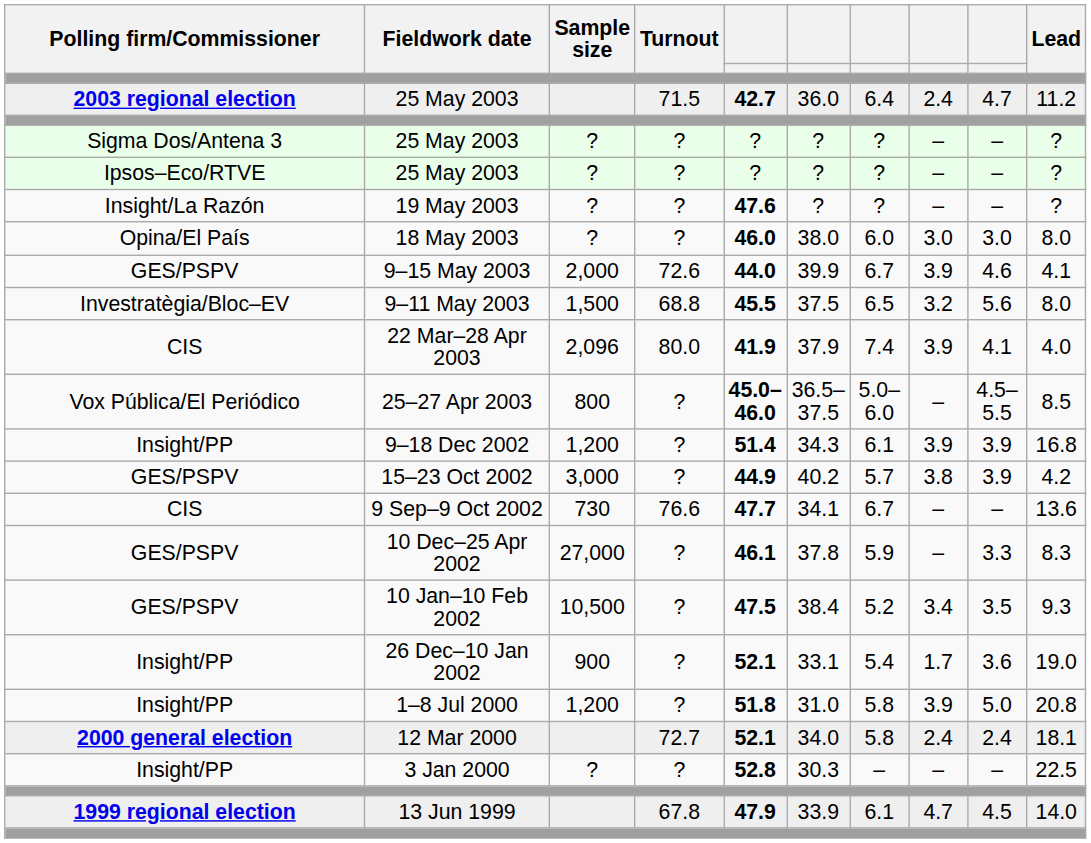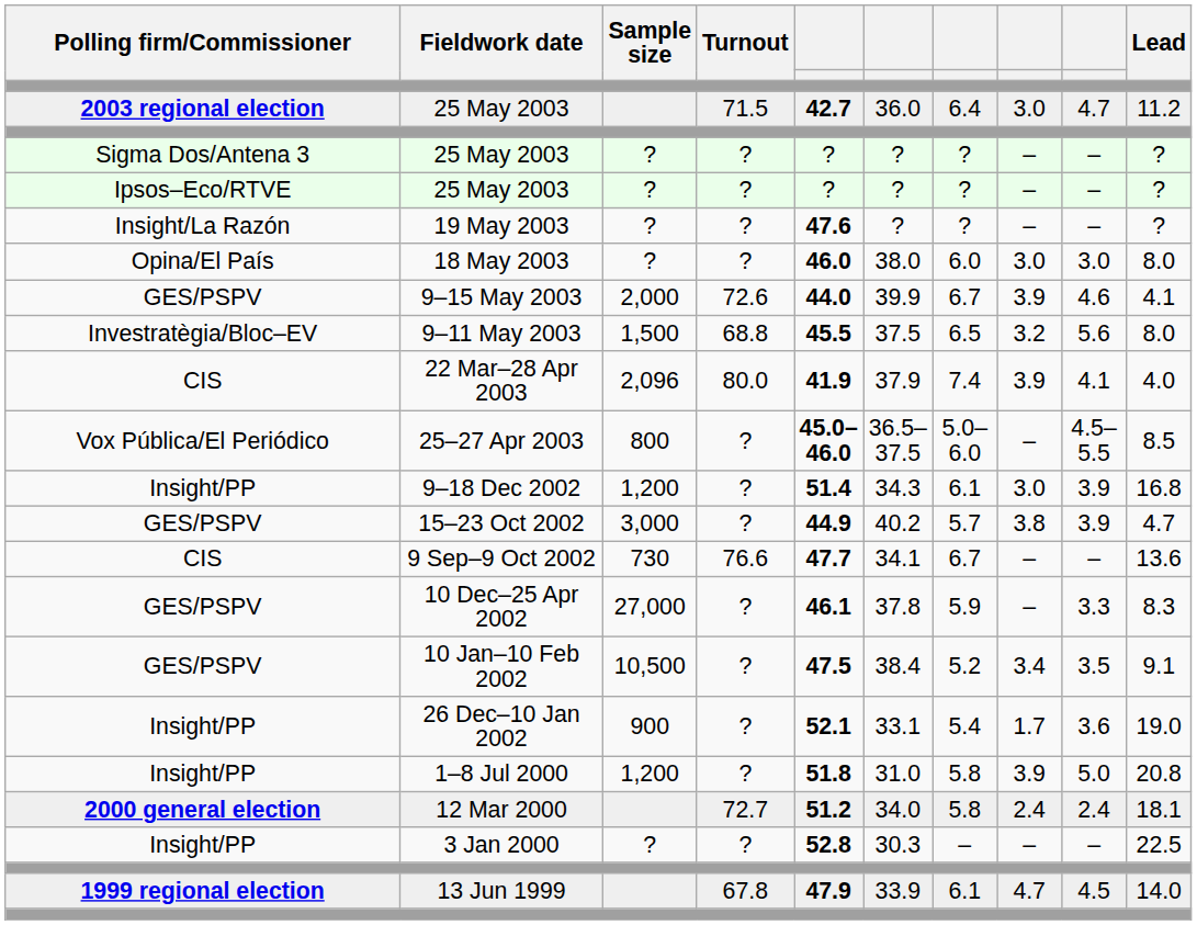 <table class="wikitable collapsible collapsed" style="text-align:center; font-size:95%; line-height:16px;">
 <tr style="height:42px;">
 <th style="width:250px;" rowspan="2">Polling firm/Commissioner</th>
 <th style="width:125px;" rowspan="2">Fieldwork date</th>
 <th style="width:50px;" rowspan="2">Sample size</th>
 <th style="width:45px;" rowspan="2">Turnout</th>
 <th style="width:35px;"></th>
 <th style="width:35px;"></th>
 <th style="width:35px;"></th>
 <th style="width:35px;"></th>
 <th style="width:35px;"></th>
 <th style="width:30px;" rowspan="2">Lead</th>
 </tr>
 <tr>
 <th style="color:inherit;background:"></th>
 <th style="color:inherit;background:"></th>
 <th style="color:inherit;background:"></th>
 <th style="color:inherit;background:"></th>
 <th style="color:inherit;background:"></th>
 </tr>
 <tr>
 <td colspan="10" style="background:#A0A0A0"></td>
 </tr>
 <tr style="background:#EFEFEF;">
 <td><strong><a href='#'>2003 regional election</a></strong></td>
 <td>25 May 2003</td>
 <td></td>
 <td>71.5</td>
 <td><strong>42.7</strong><br></td>
 <td>36.0<br></td>
 <td>6.4<br></td>
-<td>2.4<br></td>
+<td>3.0<br></td>
 <td>4.7<br></td>
 <td style="background:">11.2</td>
 </tr>
 <tr>
 <td colspan="10" style="background:#A0A0A0"></td>
 </tr>
 <tr style="background:#EAFFEA;">
 <td>Sigma Dos/Antena 3</td>
 <td>25 May 2003</td>
 <td>?</td>
 <td>?</td>
 <td>?<br></td>
 <td>?<br></td>
 <td>?<br></td>
 <td>–</td>
 <td>–</td>
 <td style="background:">?</td>
 </tr>
 <tr style="background:#EAFFEA;">
 <td>Ipsos–Eco/RTVE</td>
 <td>25 May 2003</td>
 <td>?</td>
 <td>?</td>
 <td>?<br></td>
 <td>?<br></td>
 <td>?<br></td>
 <td>–</td>
 <td>–</td>
 <td style="background:">?</td>
 </tr>
 <tr>
 <td>Insight/La Razón</td>
 <td>19 May 2003</td>
 <td>?</td>
 <td>?</td>
 <td><strong>47.6</strong><br></td>
 <td>?<br></td>
 <td>?<br></td>
 <td>–</td>
 <td>–</td>
 <td style="background:">?</td>
 </tr>
 <tr>
 <td>Opina/El País</td>
 <td>18 May 2003</td>
 <td>?</td>
 <td>?</td>
 <td><strong>46.0</strong><br></td>
 <td>38.0<br></td>
 <td>6.0<br></td>
 <td>3.0<br></td>
 <td>3.0<br></td>
 <td style="background:">8.0</td>
 </tr>
 <tr>
 <td>GES/PSPV</td>
 <td>9–15 May 2003</td>
 <td>2,000</td>
 <td>72.6</td>
 <td><strong>44.0</strong><br></td>
 <td>39.9<br></td>
 <td>6.7<br></td>
 <td>3.9<br></td>
 <td>4.6<br></td>
 <td style="background:">4.1</td>
 </tr>
 <tr>
 <td>Investratègia/Bloc–EV</td>
 <td>9–11 May 2003</td>
 <td>1,500</td>
 <td>68.8</td>
 <td><strong>45.5</strong><br></td>
 <td>37.5<br></td>
 <td>6.5<br></td>
 <td>3.2<br></td>
 <td>5.6<br></td>
 <td style="background:">8.0</td>
 </tr>
 <tr>
 <td>CIS</td>
 <td>22 Mar–28 Apr 2003</td>
 <td>2,096</td>
 <td>80.0</td>
 <td><strong>41.9</strong><br></td>
 <td>37.9<br></td>
 <td>7.4<br></td>
 <td>3.9<br></td>
 <td>4.1<br></td>
 <td style="background:">4.0</td>
 </tr>
 <tr>
 <td>Vox Pública/El Periódico</td>
 <td>25–27 Apr 2003</td>
 <td>800</td>
 <td>?</td>
 <td><strong>45.0–<br>46.0</strong><br></td>
 <td>36.5–<br>37.5<br></td>
 <td>5.0–<br>6.0<br></td>
 <td>–</td>
 <td>4.5–<br>5.5<br></td>
 <td style="background:">8.5</td>
 </tr>
 <tr>
 <td>Insight/PP</td>
 <td>9–18 Dec 2002</td>
 <td>1,200</td>
 <td>?</td>
 <td><strong>51.4</strong><br></td>
 <td>34.3<br></td>
 <td>6.1<br></td>
-<td>3.9<br></td>
+<td>3.0<br></td>
 <td>3.9<br></td>
 <td style="background:">16.8</td>
 </tr>
 <tr>
 <td>GES/PSPV</td>
 <td>15–23 Oct 2002</td>
 <td>3,000</td>
 <td>?</td>
 <td><strong>44.9</strong><br></td>
 <td>40.2<br></td>
 <td>5.7<br></td>
 <td>3.8<br></td>
 <td>3.9<br></td>
-<td style="background:">4.2</td>
+<td style="background:">4.7</td>
 </tr>
 <tr>
 <td>CIS</td>
 <td>9 Sep–9 Oct 2002</td>
 <td>730</td>
 <td>76.6</td>
 <td><strong>47.7</strong></td>
 <td>34.1</td>
 <td>6.7</td>
 <td>–</td>
 <td>–</td>
 <td style="background:">13.6</td>
 </tr>
 <tr>
 <td>GES/PSPV</td>
 <td>10 Dec–25 Apr 2002</td>
 <td>27,000</td>
 <td>?</td>
 <td><strong>46.1</strong><br></td>
 <td>37.8<br></td>
 <td>5.9<br></td>
 <td>–</td>
 <td>3.3<br></td>
 <td style="background:">8.3</td>
 </tr>
 <tr>
 <td>GES/PSPV</td>
 <td>10 Jan–10 Feb 2002</td>
 <td>10,500</td>
 <td>?</td>
 <td><strong>47.5</strong><br></td>
 <td>38.4<br></td>
 <td>5.2<br></td>
 <td>3.4<br></td>
 <td>3.5<br></td>
-<td style="background:">9.3</td>
+<td style="background:">9.1</td>
 </tr>
 <tr>
 <td>Insight/PP</td>
 <td>26 Dec–10 Jan 2002</td>
 <td>900</td>
 <td>?</td>
 <td><strong>52.1</strong><br></td>
 <td>33.1<br></td>
 <td>5.4<br></td>
 <td>1.7<br></td>
 <td>3.6<br></td>
 <td style="background:">19.0</td>
 </tr>
 <tr>
 <td>Insight/PP</td>
 <td>1–8 Jul 2000</td>
 <td>1,200</td>
 <td>?</td>
 <td><strong>51.8</strong><br></td>
 <td>31.0<br></td>
 <td>5.8<br></td>
 <td>3.9<br></td>
 <td>5.0<br></td>
 <td style="background:">20.8</td>
 </tr>
 <tr style="background:#EFEFEF;">
 <td><strong><a href='#'>2000 general election</a></strong></td>
 <td>12 Mar 2000</td>
 <td></td>
 <td>72.7</td>
-<td><strong>52.1</strong><br></td>
+<td><strong>51.2</strong><br></td>
 <td>34.0<br></td>
 <td>5.8<br></td>
 <td>2.4<br></td>
 <td>2.4<br></td>
 <td style="background:">18.1</td>
 </tr>
 <tr>
 <td>Insight/PP</td>
 <td>3 Jan 2000</td>
 <td>?</td>
 <td>?</td>
 <td><strong>52.8</strong></td>
 <td>30.3</td>
 <td>–</td>
 <td>–</td>
 <td>–</td>
 <td style="background:">22.5</td>
 </tr>
 <tr>
 <td colspan="10" style="background:#A0A0A0"></td>
 </tr>
 <tr style="background:#EFEFEF;">
 <td><strong><a href='#'>1999 regional election</a></strong></td>
 <td>13 Jun 1999</td>
 <td></td>
 <td>67.8</td>
 <td><strong>47.9</strong><br></td>
 <td>33.9<br></td>
 <td>6.1<br></td>
 <td>4.7<br></td>
 <td>4.5<br></td>
 <td style="background:">14.0</td>
 </tr>
 <tr>
 <td colspan="10" style="background:#A0A0A0"></td>
 </tr>
 </table>
